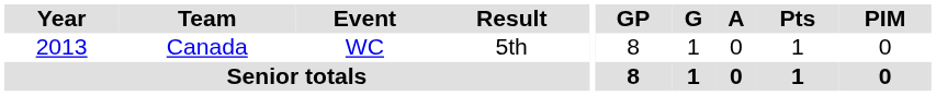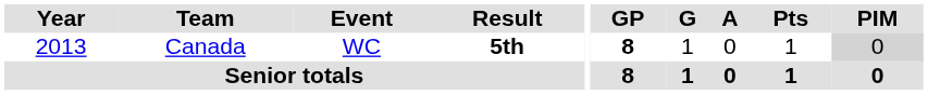 <table border="0" cellpadding="1" cellspacing="0" ID="Table3" style="text-align:center; width:40em">
 <tr ALIGN="center" bgcolor="#e0e0e0">
 <th>Year</th>
 <th>Team</th>
 <th>Event</th>
 <th>Result</th>
 <th rowspan="99" bgcolor="#ffffff"></th>
 <th>GP</th>
 <th>G</th>
 <th>A</th>
 <th>Pts</th>
 <th>PIM</th>
 </tr>
 <tr>
 <td><a href='#'>2013</a></td>
 <td><a href='#'>Canada</a></td>
 <td><a href='#'>WC</a></td>
-<td>5th</td>
-<td>8</td>
+<td><strong>5th</strong></td>
+<td><strong>8</strong></td>
 <td>1</td>
 <td>0</td>
 <td>1</td>
-<td>0</td>
+<td style="background: lightgrey;">0</td>
 </tr>
 <tr ALIGN="center" bgcolor="#e0e0e0">
 <th colspan=4>Senior totals</th>
 <th>8</th>
 <th>1</th>
 <th>0</th>
 <th>1</th>
 <th>0</th>
 </tr>
 </table>
